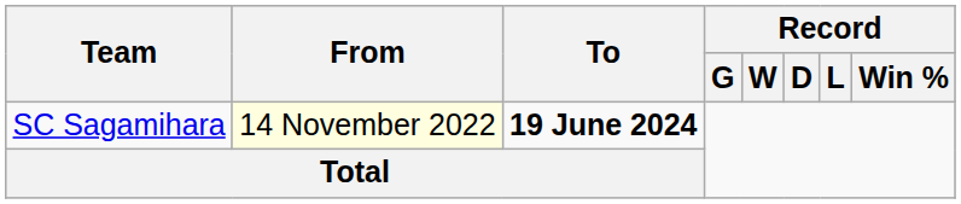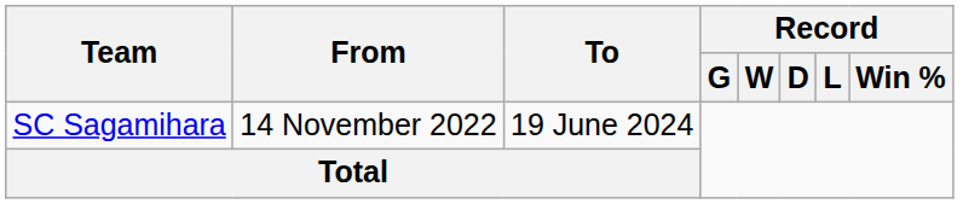 <table class="wikitable" style="text-align: left">
 <tr>
 <th rowspan="2">Team</th>
 <th rowspan="2">From</th>
 <th rowspan="2">To</th>
 <th colspan="8">Record</th>
 </tr>
 <tr>
 <th>G</th>
 <th>W</th>
 <th>D</th>
 <th>L</th>
 <th>Win %</th>
 </tr>
 <tr>
 <td><a href='#'>SC Sagamihara</a></td>
-<td style="background: lightyellow;">14 November 2022</td>
-<td><strong>19 June 2024<br></strong></td>
+<td>14 November 2022</td>
+<td>19 June 2024<br></td>
 </tr>
 <tr>
 <th colspan="3">Total<br></th>
 </tr>
 </table>
